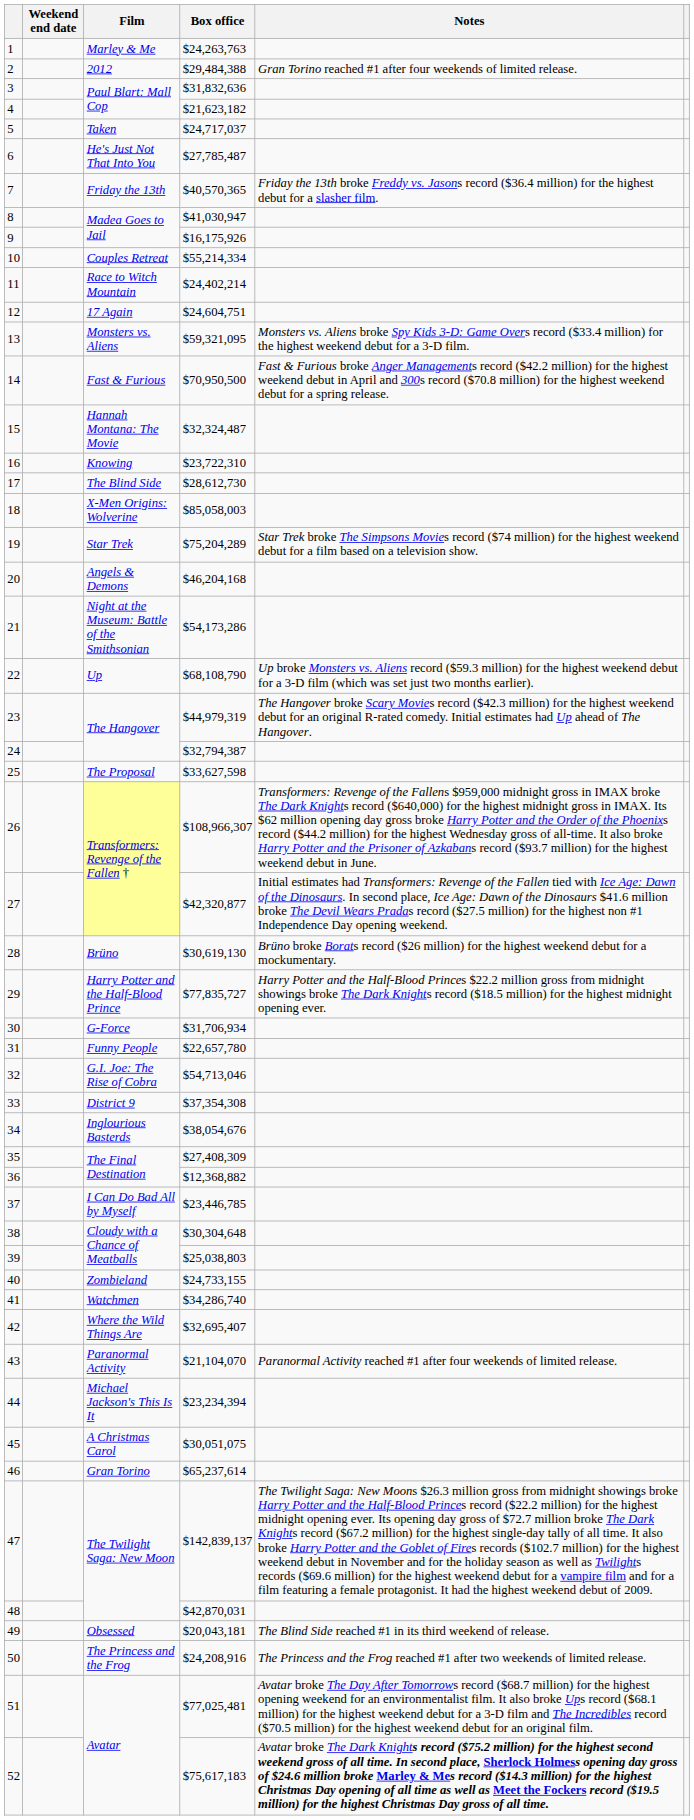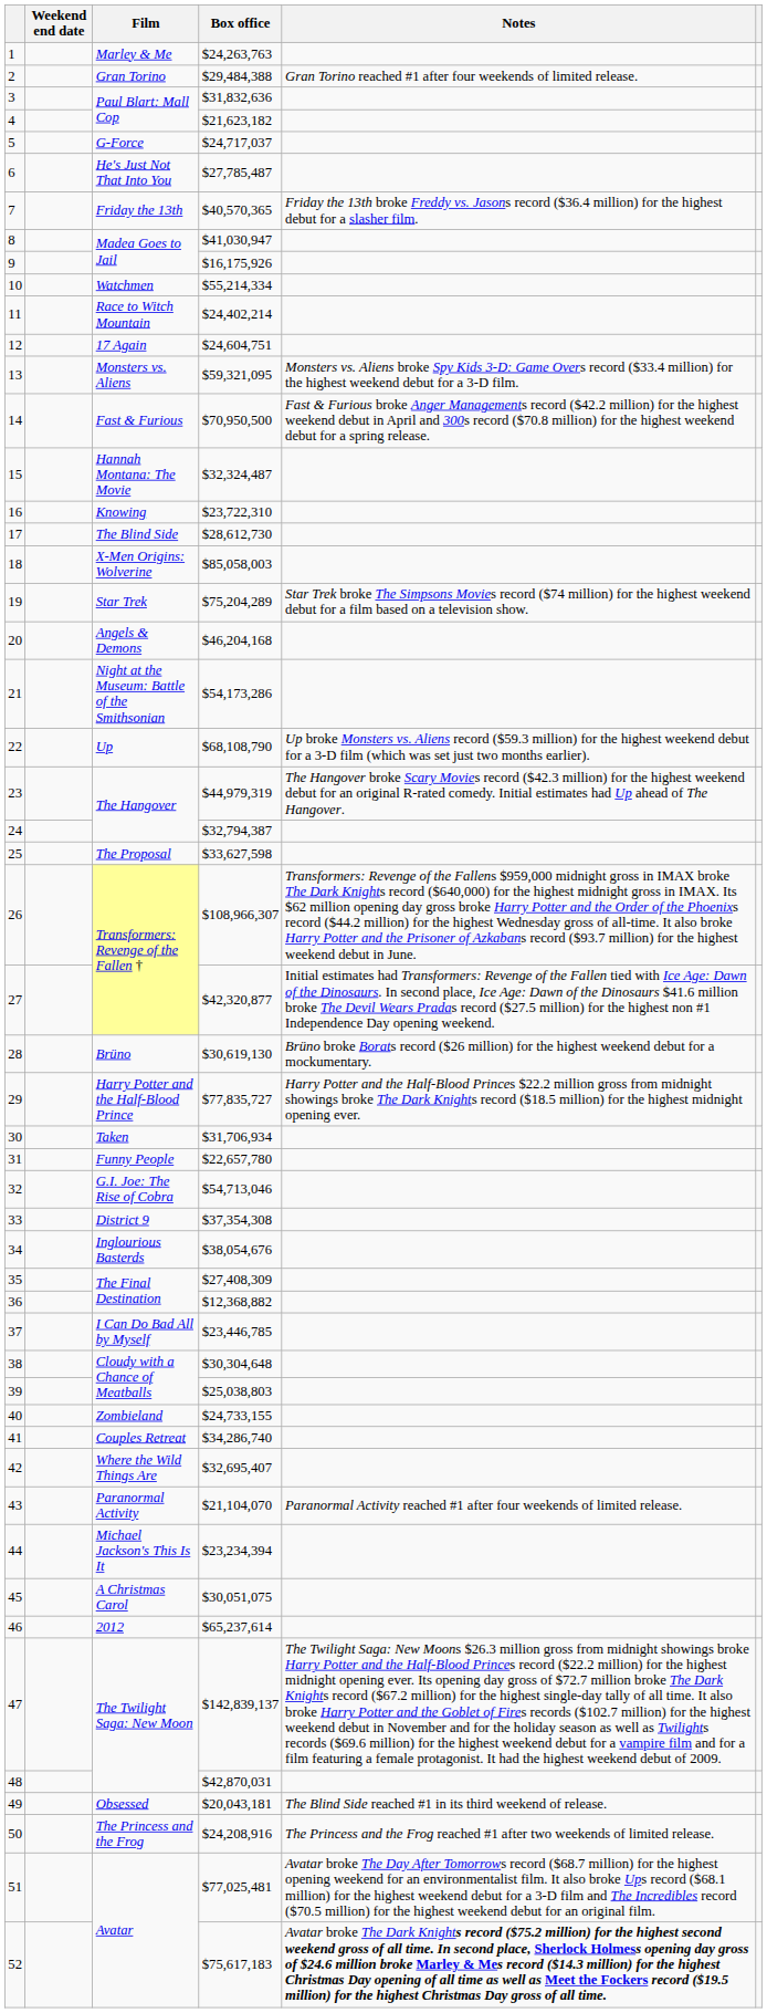 <table class="wikitable sortable">
 <tr>
 <th></th>
 <th>Weekend end date</th>
 <th>Film</th>
 <th>Box office</th>
 <th>Notes</th>
 <th class="unsortable"></th>
 </tr>
 <tr>
 <td>1</td>
 <td></td>
 <td><em><a href='#'>Marley & Me</a></em></td>
 <td>$24,263,763</td>
 <td></td>
 <td></td>
 </tr>
 <tr>
 <td>2</td>
 <td></td>
-<td><em><a href='#'>2012</a></em></td>
+<td><em><a href='#'>Gran Torino</a></em></td>
 <td>$29,484,388</td>
 <td><em>Gran Torino</em> reached #1 after four weekends of limited release.</td>
 <td></td>
 </tr>
 <tr>
 <td>3</td>
 <td></td>
 <td rowspan="2"><em><a href='#'>Paul Blart: Mall Cop</a></em></td>
 <td>$31,832,636</td>
 <td></td>
 <td></td>
 </tr>
 <tr>
 <td>4</td>
 <td></td>
 <td>$21,623,182</td>
 <td></td>
 <td></td>
 </tr>
 <tr>
 <td>5</td>
 <td></td>
-<td><em><a href='#'>Taken</a></em></td>
+<td><em><a href='#'>G-Force</a></em></td>
 <td>$24,717,037</td>
 <td></td>
 <td></td>
 </tr>
 <tr>
 <td>6</td>
 <td></td>
 <td><em><a href='#'>He's Just Not That Into You</a></em></td>
 <td>$27,785,487</td>
 <td></td>
 <td></td>
 </tr>
 <tr>
 <td>7</td>
 <td></td>
 <td><em><a href='#'>Friday the 13th</a></em></td>
 <td>$40,570,365</td>
 <td><em>Friday the 13th</em> broke <em><a href='#'>Freddy vs. Jason</a></em>s record ($36.4 million) for the highest debut for a <a href='#'>slasher film</a>.</td>
 <td></td>
 </tr>
 <tr>
 <td>8</td>
 <td></td>
 <td rowspan="2"><em><a href='#'>Madea Goes to Jail</a></em></td>
 <td>$41,030,947</td>
 <td></td>
 <td></td>
 </tr>
 <tr>
 <td>9</td>
 <td></td>
 <td>$16,175,926</td>
 <td></td>
 <td></td>
 </tr>
 <tr>
 <td>10</td>
 <td></td>
-<td><em><a href='#'>Couples Retreat</a></em></td>
+<td><em><a href='#'>Watchmen</a></em></td>
 <td>$55,214,334</td>
 <td></td>
 <td></td>
 </tr>
 <tr>
 <td>11</td>
 <td></td>
 <td><em><a href='#'>Race to Witch Mountain</a></em></td>
 <td>$24,402,214</td>
 <td></td>
 <td></td>
 </tr>
 <tr>
 <td>12</td>
 <td></td>
 <td><em><a href='#'>17 Again</a></em></td>
 <td>$24,604,751</td>
 <td></td>
 <td></td>
 </tr>
 <tr>
 <td>13</td>
 <td></td>
 <td><em><a href='#'>Monsters vs. Aliens</a></em></td>
 <td>$59,321,095</td>
 <td><em>Monsters vs. Aliens</em> broke <em><a href='#'>Spy Kids 3-D: Game Over</a></em>s record ($33.4 million) for the highest weekend debut for a 3-D film.</td>
 <td></td>
 </tr>
 <tr>
 <td>14</td>
 <td></td>
 <td><em><a href='#'>Fast & Furious</a></em></td>
 <td>$70,950,500</td>
 <td><em>Fast & Furious</em> broke <em><a href='#'>Anger Management</a></em>s record ($42.2 million) for the highest weekend debut in April and <em><a href='#'>300</a></em>s record ($70.8 million) for the highest weekend debut for a spring release.</td>
 <td></td>
 </tr>
 <tr>
 <td>15</td>
 <td></td>
 <td><em><a href='#'>Hannah Montana: The Movie</a></em></td>
 <td>$32,324,487</td>
 <td></td>
 <td></td>
 </tr>
 <tr>
 <td>16</td>
 <td></td>
 <td><em><a href='#'>Knowing</a></em></td>
 <td>$23,722,310</td>
 <td></td>
 <td></td>
 </tr>
 <tr>
 <td>17</td>
 <td></td>
 <td><em><a href='#'>The Blind Side</a></em></td>
 <td>$28,612,730</td>
 <td></td>
 <td></td>
 </tr>
 <tr>
 <td>18</td>
 <td></td>
 <td><em><a href='#'>X-Men Origins: Wolverine</a></em></td>
 <td>$85,058,003</td>
 <td></td>
 <td></td>
 </tr>
 <tr>
 <td>19</td>
 <td></td>
 <td><em><a href='#'>Star Trek</a></em></td>
 <td>$75,204,289</td>
 <td><em>Star Trek</em> broke <em><a href='#'>The Simpsons Movie</a></em>s record ($74 million) for the highest weekend debut for a film based on a television show.</td>
 <td></td>
 </tr>
 <tr>
 <td>20</td>
 <td></td>
 <td><em><a href='#'>Angels & Demons</a></em></td>
 <td>$46,204,168</td>
 <td></td>
 <td></td>
 </tr>
 <tr>
 <td>21</td>
 <td></td>
 <td><em><a href='#'>Night at the Museum: Battle of the Smithsonian</a></em></td>
 <td>$54,173,286</td>
 <td></td>
 <td></td>
 </tr>
 <tr>
 <td>22</td>
 <td></td>
 <td><em><a href='#'>Up</a></em></td>
 <td>$68,108,790</td>
 <td><em>Up</em> broke <em><a href='#'>Monsters vs. Aliens</a></em> record ($59.3 million) for the highest weekend debut for a 3-D film (which was set just two months earlier).</td>
 <td></td>
 </tr>
 <tr>
 <td>23</td>
 <td></td>
 <td rowspan="2"><em><a href='#'>The Hangover</a></em></td>
 <td>$44,979,319</td>
 <td><em>The Hangover</em> broke <em><a href='#'>Scary Movie</a></em>s record ($42.3 million) for the highest weekend debut for an original R-rated comedy. Initial estimates had <em><a href='#'>Up</a></em> ahead of <em>The Hangover</em>.</td>
 <td></td>
 </tr>
 <tr>
 <td>24</td>
 <td></td>
 <td>$32,794,387</td>
 <td></td>
 <td></td>
 </tr>
 <tr>
 <td>25</td>
 <td></td>
 <td><em><a href='#'>The Proposal</a></em></td>
 <td>$33,627,598</td>
 <td></td>
 <td></td>
 </tr>
 <tr>
 <td>26</td>
 <td></td>
 <td rowspan="2" style="background-color:#FFFF99"><em><a href='#'>Transformers: Revenge of the Fallen</a></em> †</td>
 <td>$108,966,307</td>
 <td><em>Transformers: Revenge of the Fallen</em>s $959,000 midnight gross in IMAX broke <em><a href='#'>The Dark Knight</a></em>s record ($640,000) for the highest midnight gross in IMAX. Its $62 million opening day gross broke <em><a href='#'>Harry Potter and the Order of the Phoenix</a></em>s record ($44.2 million) for the highest Wednesday gross of all-time.  It also broke <em><a href='#'>Harry Potter and the Prisoner of Azkaban</a></em>s record ($93.7 million) for the highest weekend debut in June.</td>
 <td></td>
 </tr>
 <tr>
 <td>27</td>
 <td></td>
 <td>$42,320,877</td>
 <td>Initial estimates had <em>Transformers: Revenge of the Fallen</em> tied with <em><a href='#'>Ice Age: Dawn of the Dinosaurs</a></em>. In second place, <em>Ice Age: Dawn of the Dinosaurs</em> $41.6 million broke <em><a href='#'>The Devil Wears Prada</a></em>s record ($27.5 million) for the highest non #1 Independence Day opening weekend.</td>
 <td></td>
 </tr>
 <tr>
 <td>28</td>
 <td></td>
 <td><em><a href='#'>Brüno</a></em></td>
 <td>$30,619,130</td>
 <td><em>Brüno</em> broke <em><a href='#'>Borat</a></em>s record ($26 million) for the highest weekend debut for a mockumentary.</td>
 <td></td>
 </tr>
 <tr>
 <td>29</td>
 <td></td>
 <td><em><a href='#'>Harry Potter and the Half-Blood Prince</a></em></td>
 <td>$77,835,727</td>
 <td><em>Harry Potter and the Half-Blood Prince</em>s $22.2 million gross from midnight showings broke <em><a href='#'>The Dark Knight</a></em>s record ($18.5 million) for the highest midnight opening ever.</td>
 <td></td>
 </tr>
 <tr>
 <td>30</td>
 <td></td>
-<td><em><a href='#'>G-Force</a></em></td>
+<td><em><a href='#'>Taken</a></em></td>
 <td>$31,706,934</td>
 <td></td>
 <td></td>
 </tr>
 <tr>
 <td>31</td>
 <td></td>
 <td><em><a href='#'>Funny People</a></em></td>
 <td>$22,657,780</td>
 <td></td>
 <td></td>
 </tr>
 <tr>
 <td>32</td>
 <td></td>
 <td><em><a href='#'>G.I. Joe: The Rise of Cobra</a></em></td>
 <td>$54,713,046</td>
 <td></td>
 <td></td>
 </tr>
 <tr>
 <td>33</td>
 <td></td>
 <td><em><a href='#'>District 9</a></em></td>
 <td>$37,354,308</td>
 <td></td>
 <td></td>
 </tr>
 <tr>
 <td>34</td>
 <td></td>
 <td><em><a href='#'>Inglourious Basterds</a></em></td>
 <td>$38,054,676</td>
 <td></td>
 <td></td>
 </tr>
 <tr>
 <td>35</td>
 <td></td>
 <td rowspan="2"><em><a href='#'>The Final Destination</a></em></td>
 <td>$27,408,309</td>
 <td></td>
 <td></td>
 </tr>
 <tr>
 <td>36</td>
 <td></td>
 <td>$12,368,882</td>
 <td></td>
 <td></td>
 </tr>
 <tr>
 <td>37</td>
 <td></td>
 <td><em><a href='#'>I Can Do Bad All by Myself</a></em></td>
 <td>$23,446,785</td>
 <td></td>
 <td></td>
 </tr>
 <tr>
 <td>38</td>
 <td></td>
 <td rowspan="2"><em><a href='#'>Cloudy with a Chance of Meatballs</a></em></td>
 <td>$30,304,648</td>
 <td></td>
 <td></td>
 </tr>
 <tr>
 <td>39</td>
 <td></td>
 <td>$25,038,803</td>
 <td></td>
 <td></td>
 </tr>
 <tr>
 <td>40</td>
 <td></td>
 <td><em><a href='#'>Zombieland</a></em></td>
 <td>$24,733,155</td>
 <td></td>
 <td></td>
 </tr>
 <tr>
 <td>41</td>
 <td></td>
-<td><em><a href='#'>Watchmen</a></em></td>
+<td><em><a href='#'>Couples Retreat</a></em></td>
 <td>$34,286,740</td>
 <td></td>
 <td></td>
 </tr>
 <tr>
 <td>42</td>
 <td></td>
 <td><em><a href='#'>Where the Wild Things Are</a></em></td>
 <td>$32,695,407</td>
 <td></td>
 <td></td>
 </tr>
 <tr>
 <td>43</td>
 <td></td>
 <td><em><a href='#'>Paranormal Activity</a></em></td>
 <td>$21,104,070</td>
 <td><em>Paranormal Activity</em> reached #1 after four weekends of limited release.</td>
 <td></td>
 </tr>
 <tr>
 <td>44</td>
 <td></td>
 <td><em><a href='#'>Michael Jackson's This Is It</a></em></td>
 <td>$23,234,394</td>
 <td></td>
 <td></td>
 </tr>
 <tr>
 <td>45</td>
 <td></td>
 <td><em><a href='#'>A Christmas Carol</a></em></td>
 <td>$30,051,075</td>
 <td></td>
 <td></td>
 </tr>
 <tr>
 <td>46</td>
 <td></td>
-<td><em><a href='#'>Gran Torino</a></em></td>
+<td><em><a href='#'>2012</a></em></td>
 <td>$65,237,614</td>
 <td></td>
 <td></td>
 </tr>
 <tr>
 <td>47</td>
 <td></td>
 <td rowspan="2"><em><a href='#'>The Twilight Saga: New Moon</a></em></td>
 <td>$142,839,137</td>
 <td><em>The Twilight Saga: New Moon</em>s $26.3 million gross from midnight showings broke <em><a href='#'>Harry Potter and the Half-Blood Prince</a></em>s record ($22.2 million) for the highest midnight opening ever. Its opening day gross of $72.7 million broke <em><a href='#'>The Dark Knight</a></em>s record ($67.2 million) for the highest single-day tally of all time. It also broke <em><a href='#'>Harry Potter and the Goblet of Fire</a></em>s records ($102.7 million) for the highest weekend debut in November and for the holiday season as well as <em><a href='#'>Twilight</a></em>s records ($69.6 million) for the highest weekend debut for a <a href='#'>vampire film</a> and for a film featuring a female protagonist. It had the highest weekend debut of 2009.</td>
 <td></td>
 </tr>
 <tr>
 <td>48</td>
 <td></td>
 <td>$42,870,031</td>
 <td></td>
 <td></td>
 </tr>
 <tr>
 <td>49</td>
 <td></td>
 <td><em><a href='#'>Obsessed</a></em></td>
 <td>$20,043,181</td>
 <td><em>The Blind Side</em> reached #1 in its third weekend of release.</td>
 <td></td>
 </tr>
 <tr>
 <td>50</td>
 <td></td>
 <td><em><a href='#'>The Princess and the Frog</a></em></td>
 <td>$24,208,916</td>
 <td><em>The Princess and the Frog</em> reached #1 after two weekends of limited release.</td>
 <td></td>
 </tr>
 <tr>
 <td>51</td>
 <td></td>
 <td rowspan="2"><em><a href='#'>Avatar</a></em></td>
 <td>$77,025,481</td>
 <td><em>Avatar</em> broke <em><a href='#'>The Day After Tomorrow</a></em>s record ($68.7 million) for the highest opening weekend for an environmentalist film. It also broke <em><a href='#'>Up</a></em>s record ($68.1 million) for the highest weekend debut for a 3-D film and <em><a href='#'>The Incredibles</a></em> record ($70.5 million) for the highest weekend debut for an original film.</td>
 <td></td>
 </tr>
 <tr>
 <td>52</td>
 <td></td>
 <td>$75,617,183</td>
 <td><em>Avatar</em> broke <em><a href='#'>The Dark Knight</a><strong>s record ($75.2 million) for the highest second weekend gross of all time. In second place, </em><a href='#'>Sherlock Holmes</a><em>s opening day gross of $24.6 million broke </em><a href='#'>Marley & Me</a><em>s record ($14.3 million) for the highest Christmas Day opening of all time as well as </em><a href='#'>Meet the Fockers</a><em> record ($19.5 million) for the highest Christmas Day gross of all time.</td>
 <td></td>
 </tr>
 </table>
